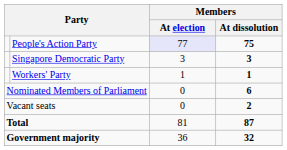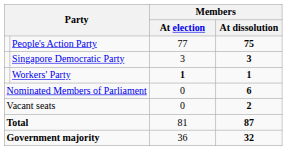 <table class="wikitable" border="1">
 <tr>
 <th colspan="2" rowspan="2">Party</th>
 <th colspan="2">Members</th>
 </tr>
 <tr>
 <th width="100px">At <a href='#'>election</a></th>
 <th width="100px">At dissolution</th>
 </tr>
 <tr>
 <td></td>
 <td scope="row"><a href='#'>People's Action Party</a></td>
-<td align="center" style="background: lavender;">77</td>
+<td align="center">77</td>
 <td align="center"><strong>75</strong></td>
 </tr>
 <tr>
 <td></td>
 <td scope="row"><a href='#'>Singapore Democratic Party</a></td>
 <td align="center">3</td>
 <td align="center"><strong>3</strong></td>
 </tr>
 <tr>
 <td></td>
 <td><a href='#'>Workers' Party</a></td>
-<td align="center">1</td>
+<td align="center"><strong>1</strong></td>
 <td align="center"><strong>1</strong></td>
 </tr>
 <tr>
 <td colspan="2"><a href='#'>Nominated Members of Parliament</a></td>
 <td align="center">0</td>
 <td align="center"><strong>6</strong></td>
 </tr>
 <tr>
 <td colspan="2">Vacant seats</td>
 <td align="center">0</td>
 <td align="center"><strong>2</strong></td>
 </tr>
 <tr>
 <td colspan="2"><strong>Total</strong></td>
 <td align="center">81</td>
 <td align="center"><strong>87</strong></td>
 </tr>
 <tr>
 <td colspan="2"><strong>Government majority</strong></td>
 <td align="center">36</td>
 <td align="center"><strong>32</strong></td>
 </tr>
 </table>
